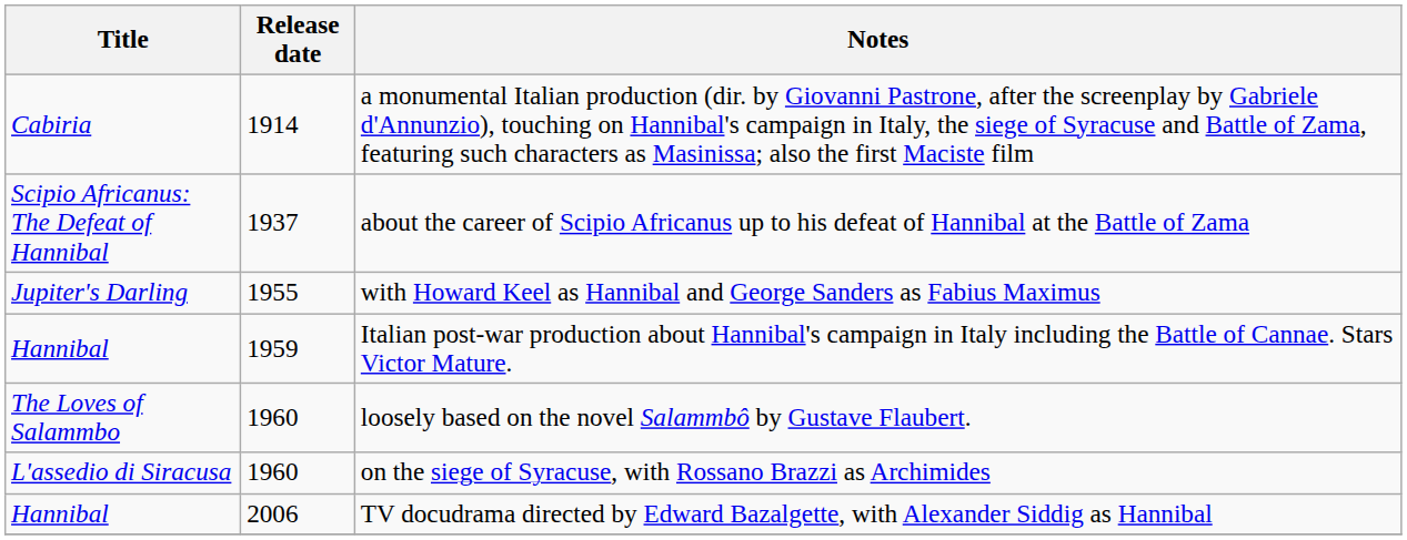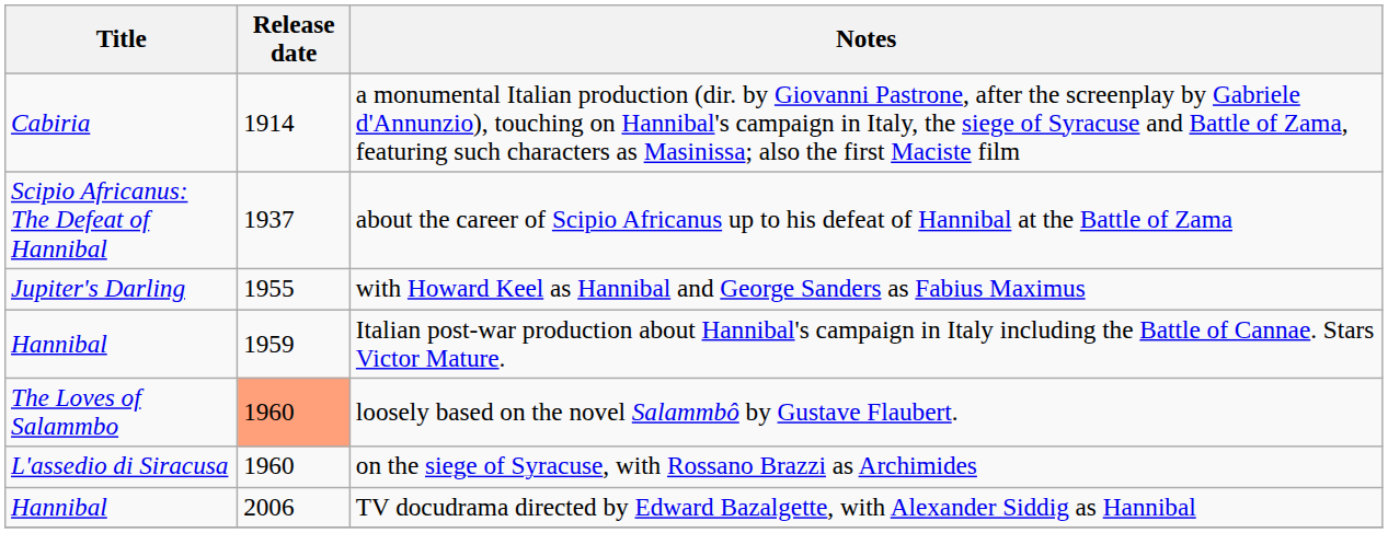 <table class="wikitable sortable">
 <tr>
 <th scope="col">Title</th>
 <th scope="col">Release date</th>
 <th scope="col" class="unsortable">Notes</th>
 </tr>
 <tr>
 <td><em><a href='#'>Cabiria</a></em></td>
 <td>1914</td>
 <td>a monumental Italian production (dir. by <a href='#'>Giovanni Pastrone</a>, after the screenplay by <a href='#'>Gabriele d'Annunzio</a>), touching on <a href='#'>Hannibal</a>'s campaign in Italy, the <a href='#'>siege of Syracuse</a> and <a href='#'>Battle of Zama</a>, featuring such characters as <a href='#'>Masinissa</a>; also the first <a href='#'>Maciste</a> film</td>
 </tr>
 <tr>
 <td><em><a href='#'>Scipio Africanus: The Defeat of Hannibal</a></em></td>
 <td>1937</td>
 <td>about the career of <a href='#'>Scipio Africanus</a> up to his defeat of <a href='#'>Hannibal</a> at the <a href='#'>Battle of Zama</a></td>
 </tr>
 <tr>
 <td><em><a href='#'>Jupiter's Darling</a></em></td>
 <td>1955</td>
 <td>with <a href='#'>Howard Keel</a> as <a href='#'>Hannibal</a> and <a href='#'>George Sanders</a> as <a href='#'>Fabius Maximus</a></td>
 </tr>
 <tr>
 <td><em><a href='#'>Hannibal</a></em></td>
 <td>1959</td>
 <td>Italian post-war production about <a href='#'>Hannibal</a>'s campaign in Italy including the <a href='#'>Battle of Cannae</a>. Stars <a href='#'>Victor Mature</a>.</td>
 </tr>
 <tr>
 <td><em><a href='#'>The Loves of Salammbo</a></em></td>
-<td>1960</td>
+<td style="background: lightsalmon;">1960</td>
 <td>loosely based on the novel <em><a href='#'>Salammbô</a></em> by <a href='#'>Gustave Flaubert</a>.</td>
 </tr>
 <tr>
 <td><em><a href='#'>L'assedio di Siracusa</a></em></td>
 <td>1960</td>
 <td>on the <a href='#'>siege of Syracuse</a>, with <a href='#'>Rossano Brazzi</a> as <a href='#'>Archimides</a></td>
 </tr>
 <tr>
 <td><em><a href='#'>Hannibal</a></em></td>
 <td>2006</td>
 <td>TV docudrama directed by <a href='#'>Edward Bazalgette</a>, with <a href='#'>Alexander Siddig</a> as <a href='#'>Hannibal</a></td>
 </tr>
 <tr>
 </tr>
 </table>
